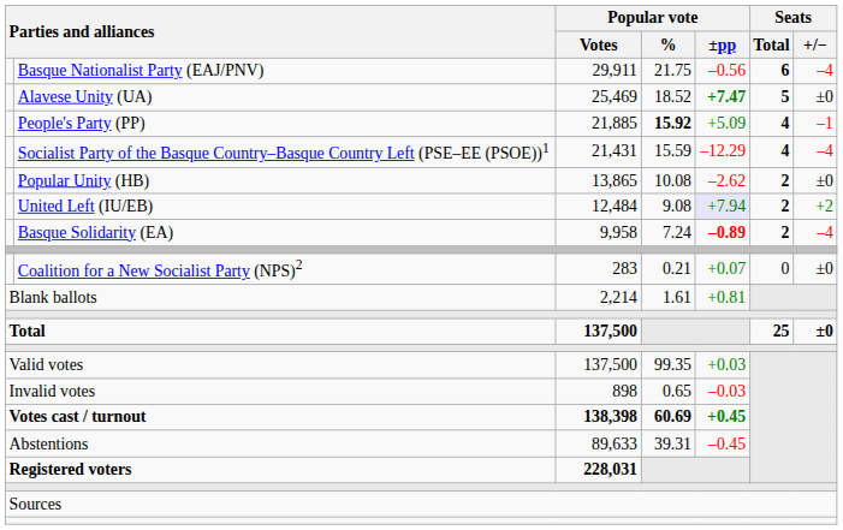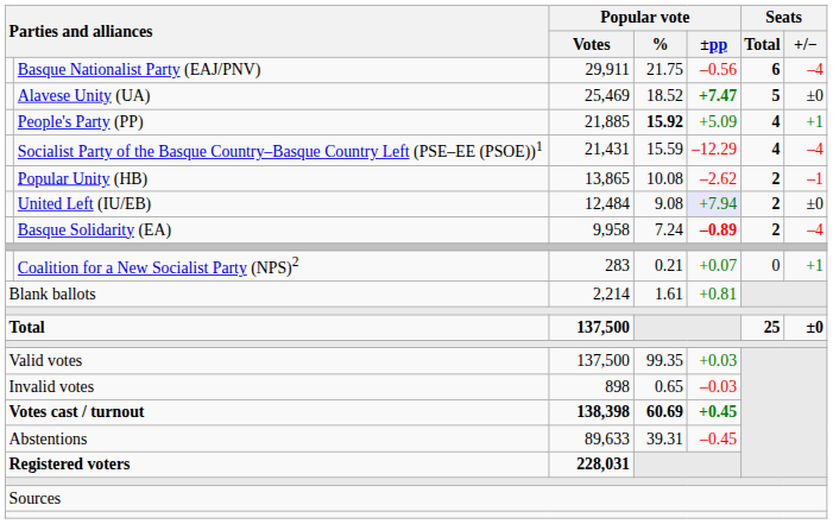 <table class="wikitable" style="text-align:right;">
 <tr>
 <th style="text-align:left;" rowspan="2" colspan="2" width="525">Parties and alliances</th>
 <th colspan="3">Popular vote</th>
 <th colspan="2">Seats</th>
 </tr>
 <tr>
 <th width="75">Votes</th>
 <th width="45">%</th>
 <th width="45">±<a href='#'>pp</a></th>
 <th width="35">Total</th>
 <th width="35">+/−</th>
 </tr>
 <tr>
 <td width="1" style="color:inherit;background:"></td>
 <td align="left"><a href='#'>Basque Nationalist Party</a> (EAJ/PNV)</td>
 <td>29,911</td>
 <td>21.75</td>
 <td style="color:red;">–0.56</td>
 <td><strong>6</strong></td>
 <td style="color:red;">–4</td>
 </tr>
 <tr>
 <td style="color:inherit;background:"></td>
 <td align="left"><a href='#'>Alavese Unity</a> (UA)</td>
 <td>25,469</td>
 <td>18.52</td>
 <td style="color:green;"><strong>+7.47</strong></td>
 <td><strong>5</strong></td>
 <td>±0</td>
 </tr>
 <tr>
 <td style="color:inherit;background:"></td>
 <td align="left"><a href='#'>People's Party</a> (PP)</td>
 <td>21,885</td>
 <td><strong>15.92</strong></td>
 <td style="color:green;">+5.09</td>
 <td><strong>4</strong></td>
-<td style="color:red;">–1</td>
+<td style="color:green;">+1</td>
 </tr>
 <tr>
 <td style="color:inherit;background:"></td>
 <td align="left"><a href='#'>Socialist Party of the Basque Country–Basque Country Left</a> (PSE–EE (PSOE))<sup>1</sup></td>
 <td>21,431</td>
 <td>15.59</td>
 <td style="color:red;">–12.29</td>
 <td><strong>4</strong></td>
 <td style="color:red;">–4</td>
 </tr>
 <tr>
 <td style="color:inherit;background:"></td>
 <td align="left"><a href='#'>Popular Unity</a> (HB)</td>
 <td>13,865</td>
 <td>10.08</td>
 <td style="color:red;">–2.62</td>
 <td><strong>2</strong></td>
-<td>±0</td>
+<td style="color:red;">–1</td>
 </tr>
 <tr>
 <td style="color:inherit;background:"></td>
 <td align="left"><a href='#'>United Left</a> (IU/EB)</td>
 <td>12,484</td>
 <td>9.08</td>
 <td style="background: lavender; color:green;">+7.94</td>
 <td><strong>2</strong></td>
-<td style="color:green;">+2</td>
+<td>±0</td>
 </tr>
 <tr>
 <td style="color:inherit;background:"></td>
 <td align="left"><a href='#'>Basque Solidarity</a> (EA)</td>
 <td>9,958</td>
 <td>7.24</td>
 <td style="color:red;"><strong>–0.89</strong></td>
 <td><strong>2</strong></td>
 <td style="color:red;">–4</td>
 </tr>
 <tr>
 <td colspan="7" bgcolor="#C0C0C0"></td>
 </tr>
 <tr>
 <td style="color:inherit;background:"></td>
 <td align="left"><a href='#'>Coalition for a New Socialist Party</a> (NPS)<sup>2</sup></td>
 <td>283</td>
 <td>0.21</td>
 <td style="color:green;">+0.07</td>
 <td>0</td>
-<td>±0</td>
+<td style="color:green;">+1</td>
 </tr>
 <tr>
 <td align="left" colspan="2">Blank ballots</td>
 <td>2,214</td>
 <td>1.61</td>
 <td style="color:green;">+0.81</td>
 <td bgcolor="#E9E9E9" colspan="2"></td>
 </tr>
 <tr>
 <td colspan="7" bgcolor="#E9E9E9"></td>
 </tr>
 <tr style="font-weight:bold;">
 <td align="left" colspan="2">Total</td>
 <td>137,500</td>
 <td bgcolor="#E9E9E9" colspan="2"></td>
 <td>25</td>
 <td>±0</td>
 </tr>
 <tr>
 <td colspan="7" bgcolor="#E9E9E9"></td>
 </tr>
 <tr>
 <td align="left" colspan="2">Valid votes</td>
 <td>137,500</td>
 <td>99.35</td>
 <td style="color:green;">+0.03</td>
 <td bgcolor="#E9E9E9" colspan="2" rowspan="5"></td>
 </tr>
 <tr>
 <td align="left" colspan="2">Invalid votes</td>
 <td>898</td>
 <td>0.65</td>
 <td style="color:red;">–0.03</td>
 </tr>
 <tr style="font-weight:bold;">
 <td align="left" colspan="2">Votes cast / turnout</td>
 <td>138,398</td>
 <td>60.69</td>
 <td style="color:green;">+0.45</td>
 </tr>
 <tr>
 <td align="left" colspan="2">Abstentions</td>
 <td>89,633</td>
 <td>39.31</td>
 <td style="color:red;">–0.45</td>
 </tr>
 <tr style="font-weight:bold;">
 <td align="left" colspan="2">Registered voters</td>
 <td>228,031</td>
 <td bgcolor="#E9E9E9" colspan="2"></td>
 </tr>
 <tr>
 <td colspan="7" bgcolor="#E9E9E9"></td>
 </tr>
 <tr>
 <td align="left" colspan="7">Sources</td>
 </tr>
 <tr>
 <td colspan="7" style="text-align:left; max-width:790px;"></td>
 </tr>
 </table>
